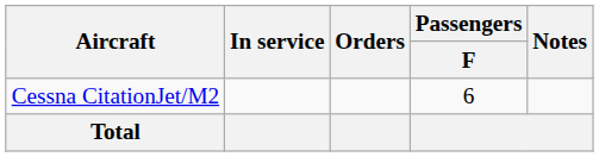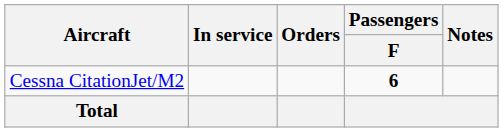 <table class="wikitable" style="margin:1em auto; text-align:center;">
 <tr>
 <th rowspan="2">Aircraft</th>
 <th rowspan="2">In service</th>
 <th rowspan="2">Orders</th>
 <th colspan="1">Passengers</th>
 <th rowspan="2">Notes</th>
 </tr>
 <tr>
 <th style="width:25px;"><abbr>F</abbr></th>
 </tr>
 <tr>
 <td><a href='#'>Cessna CitationJet/M2</a></td>
 <td></td>
 <td></td>
-<td>6</td>
+<td><strong>6</strong></td>
 <td></td>
 </tr>
 <tr>
 <th>Total</th>
 <th></th>
 <th></th>
 <th colspan=2></th>
 </tr>
 </table>
